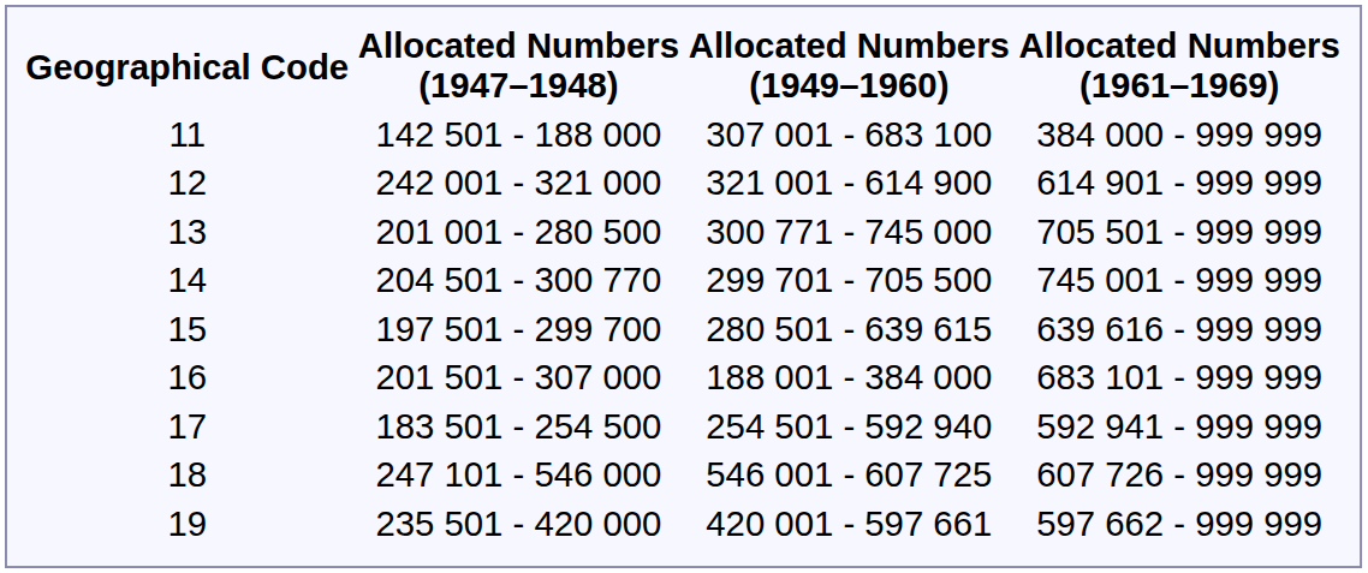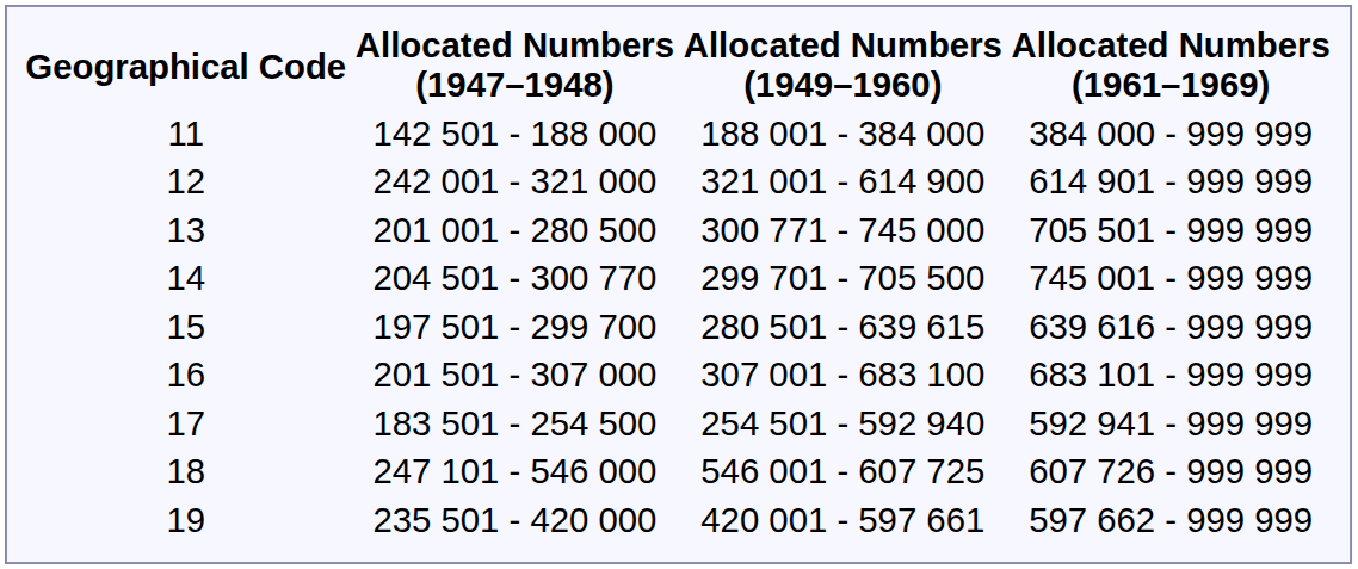 <table style="border:1px solid #8888aa; background-color:#f7f8ff; padding:5px; font-size:95%; margin: 0px 12px 12px 0px;">
 <tr>
 <td align="center"><strong>Geographical Code</strong></td>
 <td align="center"><strong>Allocated Numbers<br>(1947–1948)</strong></td>
 <td align="center"><strong>Allocated Numbers<br>(1949–1960)</strong></td>
 <td align="center"><strong>Allocated Numbers<br>(1961–1969)</strong></td>
 </tr>
 <tr>
 <td align="center">11</td>
 <td align="center">142 501 - 188 000</td>
-<td align="center">307 001 - 683 100</td>
+<td align="center">188 001 - 384 000</td>
 <td align="center">384 000 - 999 999</td>
 </tr>
 <tr>
 <td align="center">12</td>
 <td align="center">242 001 - 321 000</td>
 <td align="center">321 001 - 614 900</td>
 <td align="center">614 901 - 999 999</td>
 </tr>
 <tr>
 <td align="center">13</td>
 <td align="center">201 001 - 280 500</td>
 <td align="center">300 771 - 745 000</td>
 <td align="center">705 501 - 999 999</td>
 </tr>
 <tr>
 <td align="center">14</td>
 <td align="center">204 501 - 300 770</td>
 <td align="center">299 701 - 705 500</td>
 <td align="center">745 001 - 999 999</td>
 </tr>
 <tr>
 <td align="center">15</td>
 <td align="center">197 501 - 299 700</td>
 <td align="center">280 501 - 639 615</td>
 <td align="center">639 616 - 999 999</td>
 </tr>
 <tr>
 <td align="center">16</td>
 <td align="center">201 501 - 307 000</td>
-<td align="center">188 001 - 384 000</td>
+<td align="center">307 001 - 683 100</td>
 <td align="center">683 101 - 999 999</td>
 </tr>
 <tr>
 <td align="center">17</td>
 <td align="center">183 501 - 254 500</td>
 <td align="center">254 501 - 592 940</td>
 <td align="center">592 941 - 999 999</td>
 </tr>
 <tr>
 <td align="center">18</td>
 <td align="center">247 101 - 546 000</td>
 <td align="center">546 001 - 607 725</td>
 <td align="center">607 726 - 999 999</td>
 </tr>
 <tr>
 <td align="center">19</td>
 <td align="center">235 501 - 420 000</td>
 <td align="center">420 001 - 597 661</td>
 <td align="center">597 662 - 999 999</td>
 </tr>
 <tr>
 </tr>
 </table>
